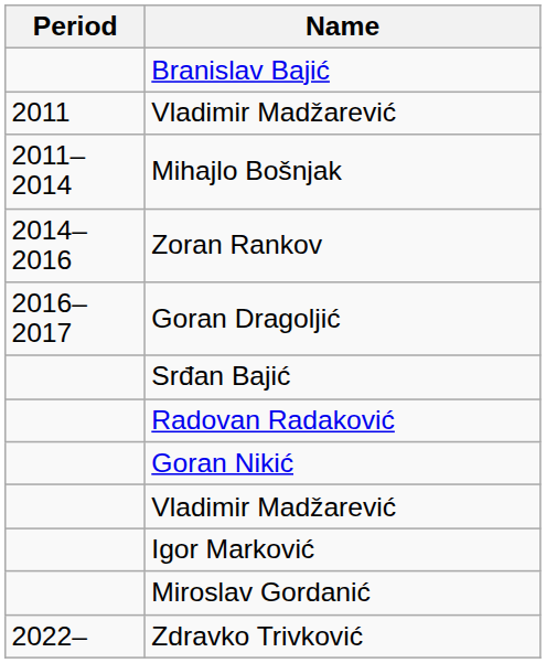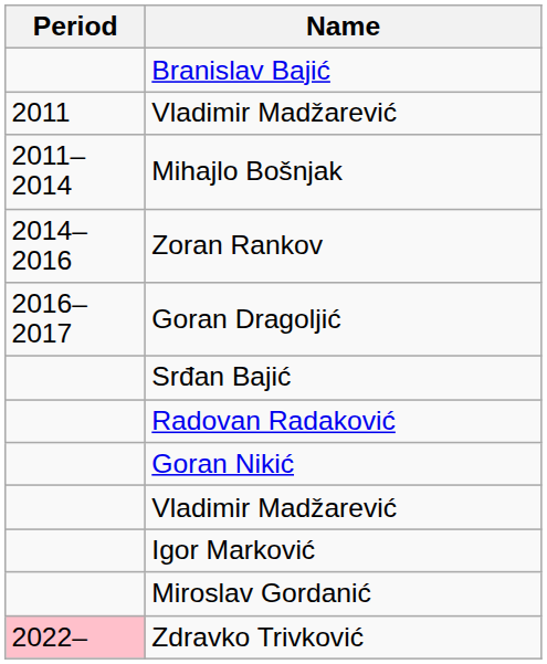 <table class="wikitable">
 <tr>
 <th width="75">Period</th>
 <th width="225">Name</th>
 </tr>
 <tr>
 <td></td>
 <td> <a href='#'>Branislav Bajić</a></td>
 </tr>
 <tr>
 <td>2011</td>
 <td> Vladimir Madžarević</td>
 </tr>
 <tr>
 <td>2011–2014</td>
 <td> Mihajlo Bošnjak</td>
 </tr>
 <tr>
 <td>2014–2016</td>
 <td> Zoran Rankov</td>
 </tr>
 <tr>
 <td>2016–2017</td>
 <td> Goran Dragoljić</td>
 </tr>
 <tr>
 <td></td>
 <td> Srđan Bajić</td>
 </tr>
 <tr>
 <td></td>
 <td> <a href='#'>Radovan Radaković</a></td>
 </tr>
 <tr>
 <td></td>
 <td> <a href='#'>Goran Nikić</a></td>
 </tr>
 <tr>
 <td></td>
 <td> Vladimir Madžarević</td>
 </tr>
 <tr>
 <td></td>
 <td> Igor Marković</td>
 </tr>
 <tr>
 <td></td>
 <td> Miroslav Gordanić</td>
 </tr>
 <tr>
-<td>2022–</td>
+<td style="background: pink;">2022–</td>
 <td> Zdravko Trivković</td>
 </tr>
 </table>
